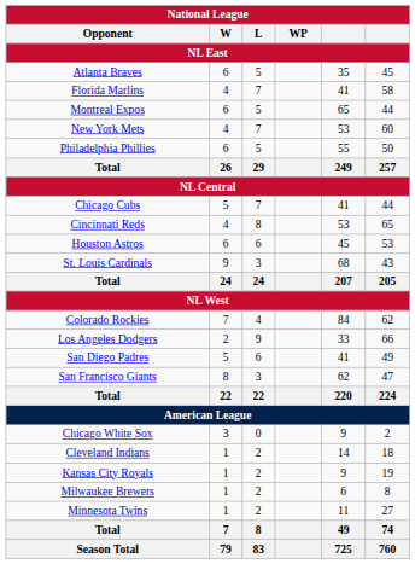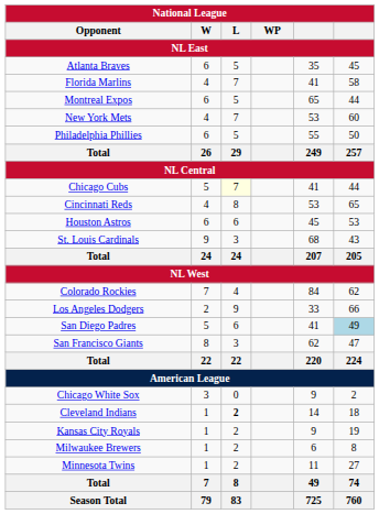 <table class="wikitable" style="font-size:95%; text-align:center; width:35em;margin: 0.5em auto;">
 <tr>
 <td colspan="7" style="background:#c60c30;color:#fff"><strong>National League</strong></td>
 </tr>
 <tr>
 <th>Opponent</th>
 <th>W</th>
 <th>L</th>
 <th>WP</th>
 <th></th>
 <th></th>
 </tr>
 <tr>
 <td colspan="7" style="background:#c60c30;color:#fff"><strong>NL East</strong></td>
 </tr>
 <tr>
 <td><a href='#'>Atlanta Braves</a></td>
 <td>6</td>
 <td>5</td>
 <td></td>
 <td>35</td>
 <td>45</td>
 </tr>
 <tr>
 <td><a href='#'>Florida Marlins</a></td>
 <td>4</td>
 <td>7</td>
 <td></td>
 <td>41</td>
 <td>58</td>
 </tr>
 <tr>
 <td><a href='#'>Montreal Expos</a></td>
 <td>6</td>
 <td>5</td>
 <td></td>
 <td>65</td>
 <td>44</td>
 </tr>
 <tr>
 <td><a href='#'>New York Mets</a></td>
 <td>4</td>
 <td>7</td>
 <td></td>
 <td>53</td>
 <td>60</td>
 </tr>
 <tr>
 <td><a href='#'>Philadelphia Phillies</a></td>
 <td>6</td>
 <td>5</td>
 <td></td>
 <td>55</td>
 <td>50</td>
 </tr>
 <tr>
 <th>Total</th>
 <th>26</th>
 <th>29</th>
 <th></th>
 <th>249</th>
 <th>257</th>
 </tr>
 <tr>
 <td colspan="7" style="background:#c60c30;color:#fff"><strong>NL Central</strong></td>
 </tr>
 <tr>
 <td><a href='#'>Chicago Cubs</a></td>
 <td>5</td>
-<td>7</td>
+<td style="background: lightyellow;">7</td>
 <td></td>
 <td>41</td>
 <td>44</td>
 </tr>
 <tr>
 <td><a href='#'>Cincinnati Reds</a></td>
 <td>4</td>
 <td>8</td>
 <td></td>
 <td>53</td>
 <td>65</td>
 </tr>
 <tr>
 <td><a href='#'>Houston Astros</a></td>
 <td>6</td>
 <td>6</td>
 <td></td>
 <td>45</td>
 <td>53</td>
 </tr>
 <tr>
 <td><a href='#'>St. Louis Cardinals</a></td>
 <td>9</td>
 <td>3</td>
 <td></td>
 <td>68</td>
 <td>43</td>
 </tr>
 <tr>
 <th>Total</th>
 <th>24</th>
 <th>24</th>
 <th></th>
 <th>207</th>
 <th>205</th>
 </tr>
 <tr>
 <td colspan="7" style="background:#c60c30;color:#fff"><strong>NL West</strong></td>
 </tr>
 <tr>
 <td><a href='#'>Colorado Rockies</a></td>
 <td>7</td>
 <td>4</td>
 <td></td>
 <td>84</td>
 <td>62</td>
 </tr>
 <tr>
 <td><a href='#'>Los Angeles Dodgers</a></td>
 <td>2</td>
 <td>9</td>
 <td></td>
 <td>33</td>
 <td>66</td>
 </tr>
 <tr>
 <td><a href='#'>San Diego Padres</a></td>
 <td>5</td>
 <td>6</td>
 <td></td>
 <td>41</td>
-<td>49</td>
+<td style="background: lightblue;">49</td>
 </tr>
 <tr>
 <td><a href='#'>San Francisco Giants</a></td>
 <td>8</td>
 <td>3</td>
 <td></td>
 <td>62</td>
 <td>47</td>
 </tr>
 <tr>
 <th>Total</th>
 <th>22</th>
 <th>22</th>
 <th></th>
 <th>220</th>
 <th>224</th>
 </tr>
 <tr>
 <td colspan="7" style="background:#03224c;color:#fff"><strong>American League</strong></td>
 </tr>
 <tr>
 <td><a href='#'>Chicago White Sox</a></td>
 <td>3</td>
 <td>0</td>
 <td></td>
 <td>9</td>
 <td>2</td>
 </tr>
 <tr>
 <td><a href='#'>Cleveland Indians</a></td>
 <td>1</td>
-<td>2</td>
+<td><strong>2</strong></td>
 <td></td>
 <td>14</td>
 <td>18</td>
 </tr>
 <tr>
 <td><a href='#'>Kansas City Royals</a></td>
 <td>1</td>
 <td>2</td>
 <td></td>
 <td>9</td>
 <td>19</td>
 </tr>
 <tr>
 <td><a href='#'>Milwaukee Brewers</a></td>
 <td>1</td>
 <td>2</td>
 <td></td>
 <td>6</td>
 <td>8</td>
 </tr>
 <tr>
 <td><a href='#'>Minnesota Twins</a></td>
 <td>1</td>
 <td>2</td>
 <td></td>
 <td>11</td>
 <td>27</td>
 </tr>
 <tr>
 <th>Total</th>
 <th>7</th>
 <th>8</th>
 <th></th>
 <th>49</th>
 <th>74</th>
 </tr>
 <tr>
 <th>Season Total</th>
 <th>79</th>
 <th>83</th>
 <th></th>
 <th>725</th>
 <th>760</th>
 </tr>
 </table>
